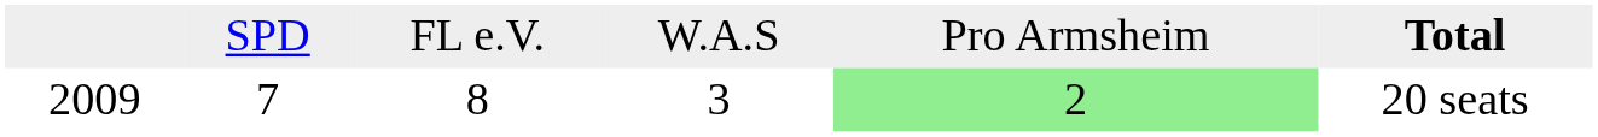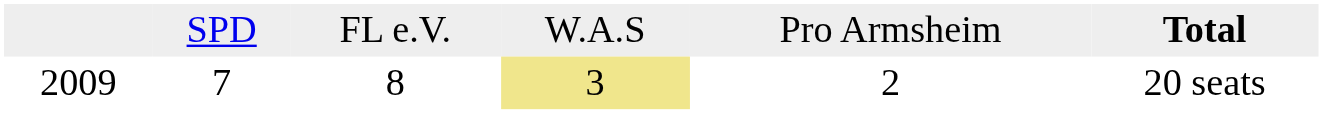 <table border="0" cellpadding="2" cellspacing="0" width="550">
 <tr bgcolor="#eeeeee" align="center">
 <td></td>
 <td><a href='#'>SPD</a></td>
 <td>FL e.V.</td>
 <td>W.A.S</td>
 <td>Pro Armsheim</td>
 <td><strong>Total</strong></td>
 </tr>
 <tr align="center">
 <td>2009</td>
 <td>7</td>
 <td>8</td>
-<td>3</td>
-<td style="background: lightgreen;">2</td>
+<td style="background: khaki;">3</td>
+<td>2</td>
 <td>20 seats</td>
 </tr>
 </table>
